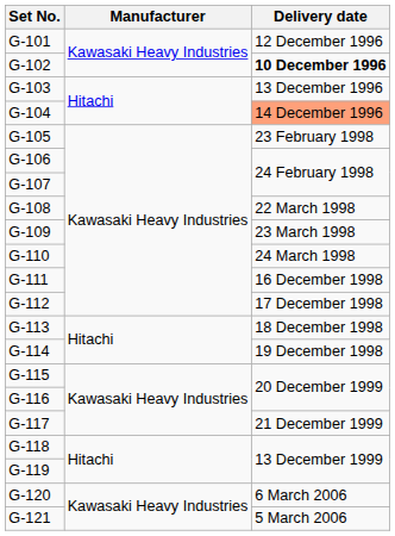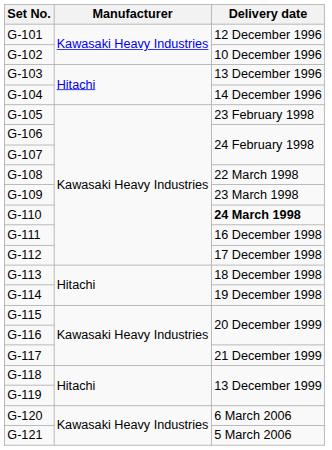 <table class="wikitable">
 <tr>
 <th>Set No.</th>
 <th>Manufacturer</th>
 <th>Delivery date</th>
 </tr>
 <tr>
 <td>G-101</td>
 <td rowspan="2"><a href='#'>Kawasaki Heavy Industries</a></td>
 <td>12 December 1996</td>
 </tr>
 <tr>
 <td>G-102</td>
-<td><strong>10 December 1996</strong></td>
+<td>10 December 1996</td>
 </tr>
 <tr>
 <td>G-103</td>
 <td rowspan="2"><a href='#'>Hitachi</a></td>
 <td>13 December 1996</td>
 </tr>
 <tr>
 <td>G-104</td>
-<td style="background: lightsalmon;">14 December 1996</td>
+<td>14 December 1996</td>
 </tr>
 <tr>
 <td>G-105</td>
 <td rowspan="8">Kawasaki Heavy Industries</td>
 <td>23 February 1998</td>
 </tr>
 <tr>
 <td>G-106</td>
 <td rowspan="2">24 February 1998</td>
 </tr>
 <tr>
 <td>G-107</td>
 </tr>
 <tr>
 <td>G-108</td>
 <td>22 March 1998</td>
 </tr>
 <tr>
 <td>G-109</td>
 <td>23 March 1998</td>
 </tr>
 <tr>
 <td>G-110</td>
-<td>24 March 1998</td>
+<td><strong>24 March 1998</strong></td>
 </tr>
 <tr>
 <td>G-111</td>
 <td>16 December 1998</td>
 </tr>
 <tr>
 <td>G-112</td>
 <td>17 December 1998</td>
 </tr>
 <tr>
 <td>G-113</td>
 <td rowspan="2">Hitachi</td>
 <td>18 December 1998</td>
 </tr>
 <tr>
 <td>G-114</td>
 <td>19 December 1998</td>
 </tr>
 <tr>
 <td>G-115</td>
 <td rowspan="3">Kawasaki Heavy Industries</td>
 <td rowspan="2">20 December 1999</td>
 </tr>
 <tr>
 <td>G-116</td>
 </tr>
 <tr>
 <td>G-117</td>
 <td>21 December 1999</td>
 </tr>
 <tr>
 <td>G-118</td>
 <td rowspan="2">Hitachi</td>
 <td rowspan="2">13 December 1999</td>
 </tr>
 <tr>
 <td>G-119</td>
 </tr>
 <tr>
 <td>G-120</td>
 <td rowspan="2">Kawasaki Heavy Industries</td>
 <td>6 March 2006</td>
 </tr>
 <tr>
 <td>G-121</td>
 <td>5 March 2006</td>
 </tr>
 </table>
